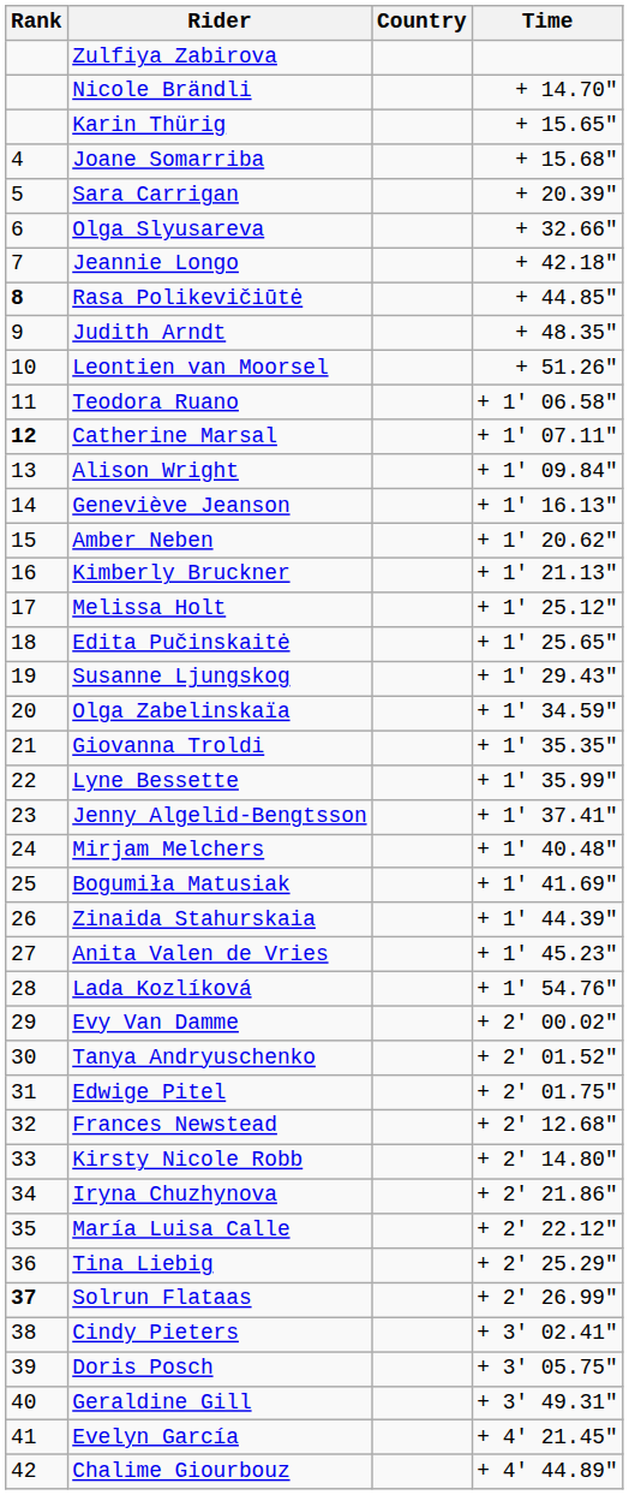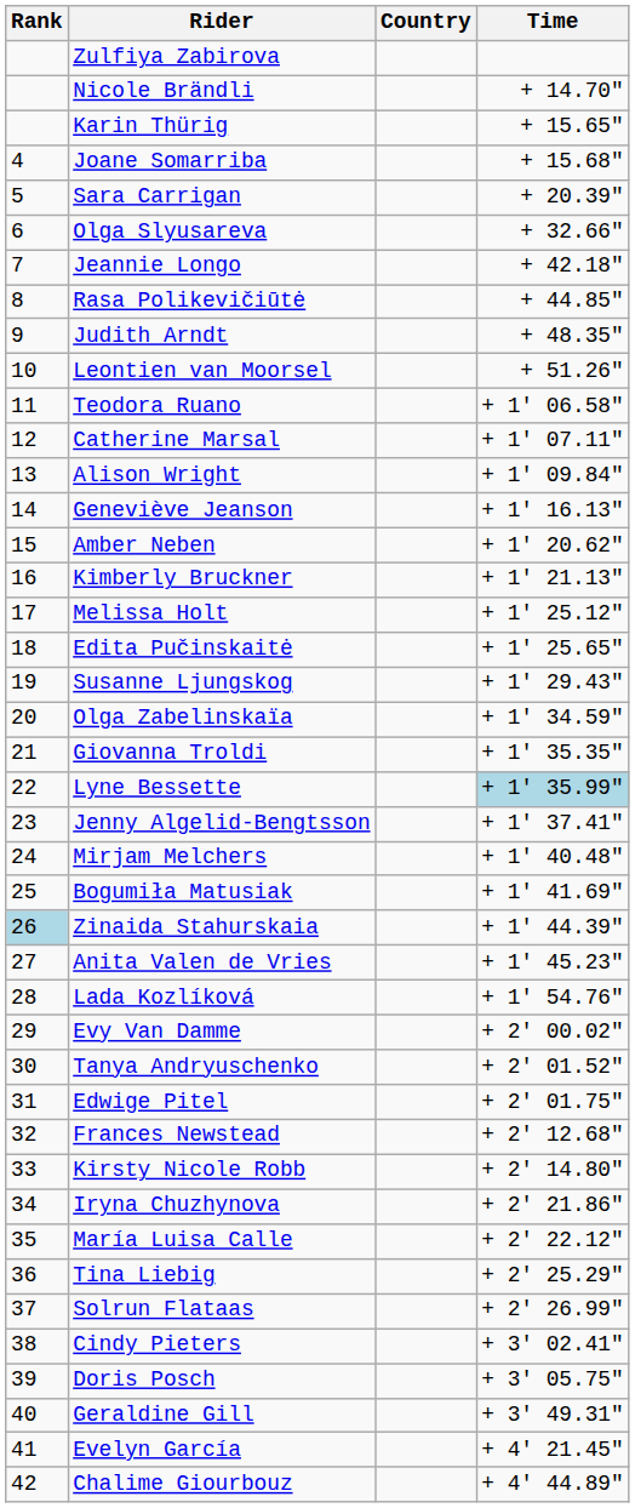 <table class="wikitable" style="font-size:95%; text-align:left;">
 <tr>
 <th>Rank</th>
 <th>Rider</th>
 <th>Country</th>
 <th>Time</th>
 </tr>
 <tr>
 <td></td>
 <td><a href='#'>Zulfiya Zabirova</a></td>
 <td></td>
 <td align="right"></td>
 </tr>
 <tr>
 <td></td>
 <td><a href='#'>Nicole Brändli</a></td>
 <td></td>
 <td align="right">+ 14.70"</td>
 </tr>
 <tr>
 <td></td>
 <td><a href='#'>Karin Thürig</a></td>
 <td></td>
 <td align="right">+ 15.65"</td>
 </tr>
 <tr>
 <td>4</td>
 <td><a href='#'>Joane Somarriba</a></td>
 <td></td>
 <td align="right">+ 15.68"</td>
 </tr>
 <tr>
 <td>5</td>
 <td><a href='#'>Sara Carrigan</a></td>
 <td></td>
 <td align="right">+ 20.39"</td>
 </tr>
 <tr>
 <td>6</td>
 <td><a href='#'>Olga Slyusareva</a></td>
 <td></td>
 <td align="right">+ 32.66"</td>
 </tr>
 <tr>
 <td>7</td>
 <td><a href='#'>Jeannie Longo</a></td>
 <td></td>
 <td align="right">+ 42.18"</td>
 </tr>
 <tr>
-<td><strong>8</strong></td>
+<td>8</td>
 <td><a href='#'>Rasa Polikevičiūtė</a></td>
 <td></td>
 <td align="right">+ 44.85"</td>
 </tr>
 <tr>
 <td>9</td>
 <td><a href='#'>Judith Arndt</a></td>
 <td></td>
 <td align="right">+ 48.35"</td>
 </tr>
 <tr>
 <td>10</td>
 <td><a href='#'>Leontien van Moorsel</a></td>
 <td></td>
 <td align="right">+ 51.26"</td>
 </tr>
 <tr>
 <td>11</td>
 <td><a href='#'>Teodora Ruano</a></td>
 <td></td>
 <td align="right">+ 1' 06.58"</td>
 </tr>
 <tr>
-<td><strong>12</strong></td>
+<td>12</td>
 <td><a href='#'>Catherine Marsal</a></td>
 <td></td>
 <td align="right">+ 1' 07.11"</td>
 </tr>
 <tr>
 <td>13</td>
 <td><a href='#'>Alison Wright</a></td>
 <td></td>
 <td align="right">+ 1' 09.84"</td>
 </tr>
 <tr>
 <td>14</td>
 <td><a href='#'>Geneviève Jeanson</a></td>
 <td></td>
 <td align="right">+ 1' 16.13"</td>
 </tr>
 <tr>
 <td>15</td>
 <td><a href='#'>Amber Neben</a></td>
 <td></td>
 <td align="right">+ 1' 20.62"</td>
 </tr>
 <tr>
 <td>16</td>
 <td><a href='#'>Kimberly Bruckner</a></td>
 <td></td>
 <td align="right">+ 1' 21.13"</td>
 </tr>
 <tr>
 <td>17</td>
 <td><a href='#'>Melissa Holt</a></td>
 <td></td>
 <td align="right">+ 1' 25.12"</td>
 </tr>
 <tr>
 <td>18</td>
 <td><a href='#'>Edita Pučinskaitė</a></td>
 <td></td>
 <td align="right">+ 1' 25.65"</td>
 </tr>
 <tr>
 <td>19</td>
 <td><a href='#'>Susanne Ljungskog</a></td>
 <td></td>
 <td align="right">+ 1' 29.43"</td>
 </tr>
 <tr>
 <td>20</td>
 <td><a href='#'>Olga Zabelinskaïa</a></td>
 <td></td>
 <td align="right">+ 1' 34.59"</td>
 </tr>
 <tr>
 <td>21</td>
 <td><a href='#'>Giovanna Troldi</a></td>
 <td></td>
 <td align="right">+ 1' 35.35"</td>
 </tr>
 <tr>
 <td>22</td>
 <td><a href='#'>Lyne Bessette</a></td>
 <td></td>
-<td align="right">+ 1' 35.99"</td>
+<td align="right" style="background: lightblue;">+ 1' 35.99"</td>
 </tr>
 <tr>
 <td>23</td>
 <td><a href='#'>Jenny Algelid-Bengtsson</a></td>
 <td></td>
 <td align="right">+ 1' 37.41"</td>
 </tr>
 <tr>
 <td>24</td>
 <td><a href='#'>Mirjam Melchers</a></td>
 <td></td>
 <td align="right">+ 1' 40.48"</td>
 </tr>
 <tr>
 <td>25</td>
 <td><a href='#'>Bogumiła Matusiak</a></td>
 <td></td>
 <td align="right">+ 1' 41.69"</td>
 </tr>
 <tr>
-<td>26</td>
+<td style="background: lightblue;">26</td>
 <td><a href='#'>Zinaida Stahurskaia</a></td>
 <td></td>
 <td align="right">+ 1' 44.39"</td>
 </tr>
 <tr>
 <td>27</td>
 <td><a href='#'>Anita Valen de Vries</a></td>
 <td></td>
 <td align="right">+ 1' 45.23"</td>
 </tr>
 <tr>
 <td>28</td>
 <td><a href='#'>Lada Kozlíková</a></td>
 <td></td>
 <td align="right">+ 1' 54.76"</td>
 </tr>
 <tr>
 <td>29</td>
 <td><a href='#'>Evy Van Damme</a></td>
 <td></td>
 <td align="right">+ 2' 00.02"</td>
 </tr>
 <tr>
 <td>30</td>
 <td><a href='#'>Tanya Andryuschenko</a></td>
 <td></td>
 <td align="right">+ 2' 01.52"</td>
 </tr>
 <tr>
 <td>31</td>
 <td><a href='#'>Edwige Pitel</a></td>
 <td></td>
 <td align="right">+ 2' 01.75"</td>
 </tr>
 <tr>
 <td>32</td>
 <td><a href='#'>Frances Newstead</a></td>
 <td></td>
 <td align="right">+ 2' 12.68"</td>
 </tr>
 <tr>
 <td>33</td>
 <td><a href='#'>Kirsty Nicole Robb</a></td>
 <td></td>
 <td align="right">+ 2' 14.80"</td>
 </tr>
 <tr>
 <td>34</td>
 <td><a href='#'>Iryna Chuzhynova</a></td>
 <td></td>
 <td align="right">+ 2' 21.86"</td>
 </tr>
 <tr>
 <td>35</td>
 <td><a href='#'>María Luisa Calle</a></td>
 <td></td>
 <td align="right">+ 2' 22.12"</td>
 </tr>
 <tr>
 <td>36</td>
 <td><a href='#'>Tina Liebig</a></td>
 <td></td>
 <td align="right">+ 2' 25.29"</td>
 </tr>
 <tr>
-<td><strong>37</strong></td>
+<td>37</td>
 <td><a href='#'>Solrun Flataas</a></td>
 <td></td>
 <td align="right">+ 2' 26.99"</td>
 </tr>
 <tr>
 <td>38</td>
 <td><a href='#'>Cindy Pieters</a></td>
 <td></td>
 <td align="right">+ 3' 02.41"</td>
 </tr>
 <tr>
 <td>39</td>
 <td><a href='#'>Doris Posch</a></td>
 <td></td>
 <td align="right">+ 3' 05.75"</td>
 </tr>
 <tr>
 <td>40</td>
 <td><a href='#'>Geraldine Gill</a></td>
 <td></td>
 <td align="right">+ 3' 49.31"</td>
 </tr>
 <tr>
 <td>41</td>
 <td><a href='#'>Evelyn García</a></td>
 <td></td>
 <td align="right">+ 4' 21.45"</td>
 </tr>
 <tr>
 <td>42</td>
 <td><a href='#'>Chalime Giourbouz</a></td>
 <td></td>
 <td align="right">+ 4' 44.89"</td>
 </tr>
 </table>
